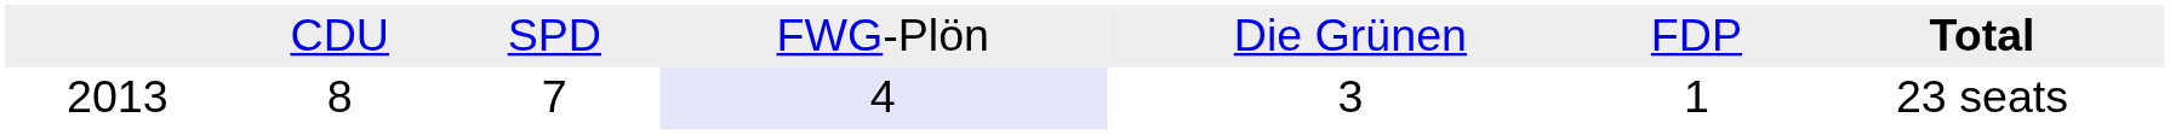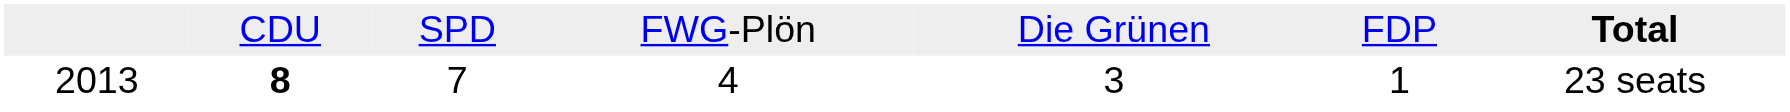 <table border="0" cellpadding="2" cellspacing="0" width="60%">
 <tr bgcolor="#eeeeee" align="center">
 <td></td>
 <td><a href='#'>CDU</a></td>
 <td><a href='#'>SPD</a></td>
 <td><a href='#'>FWG</a>-Plön</td>
 <td><a href='#'>Die Grünen</a></td>
 <td><a href='#'>FDP</a></td>
 <td><strong>Total</strong></td>
 </tr>
 <tr align="center">
 <td>2013</td>
-<td>8</td>
+<td><strong>8</strong></td>
 <td>7</td>
-<td style="background: lavender;">4</td>
+<td>4</td>
 <td>3</td>
 <td>1</td>
 <td>23 seats</td>
 </tr>
 </table>
